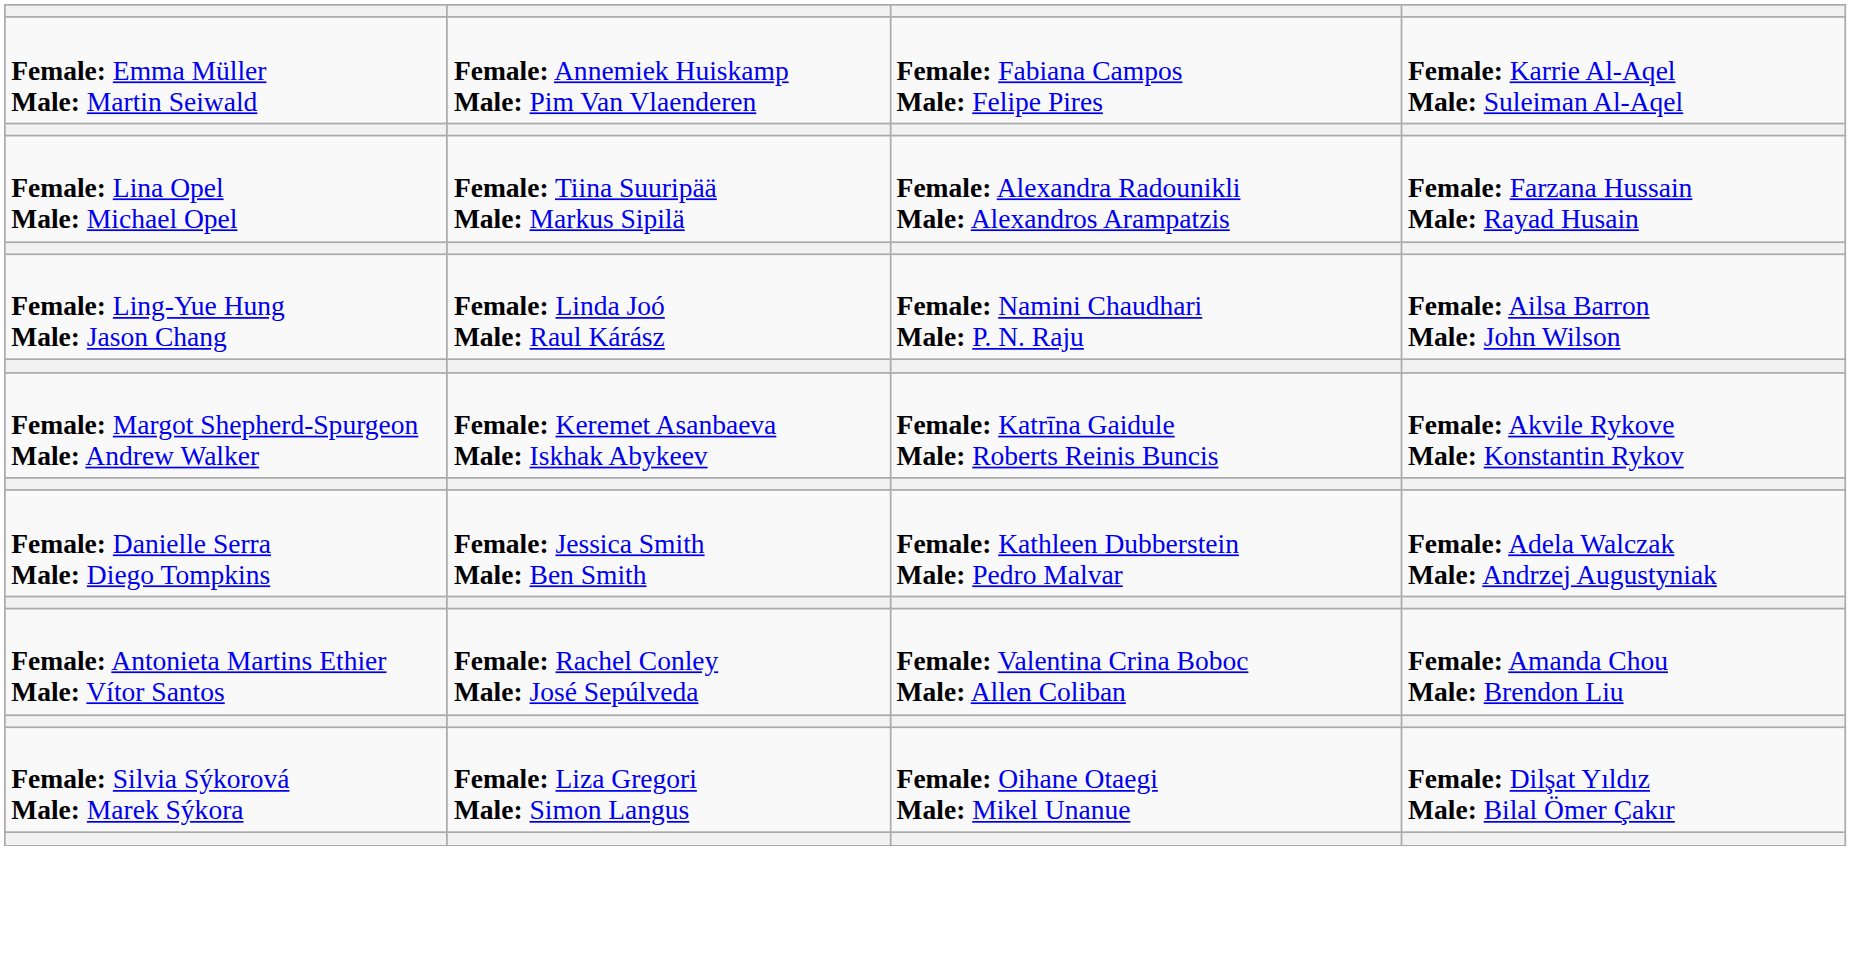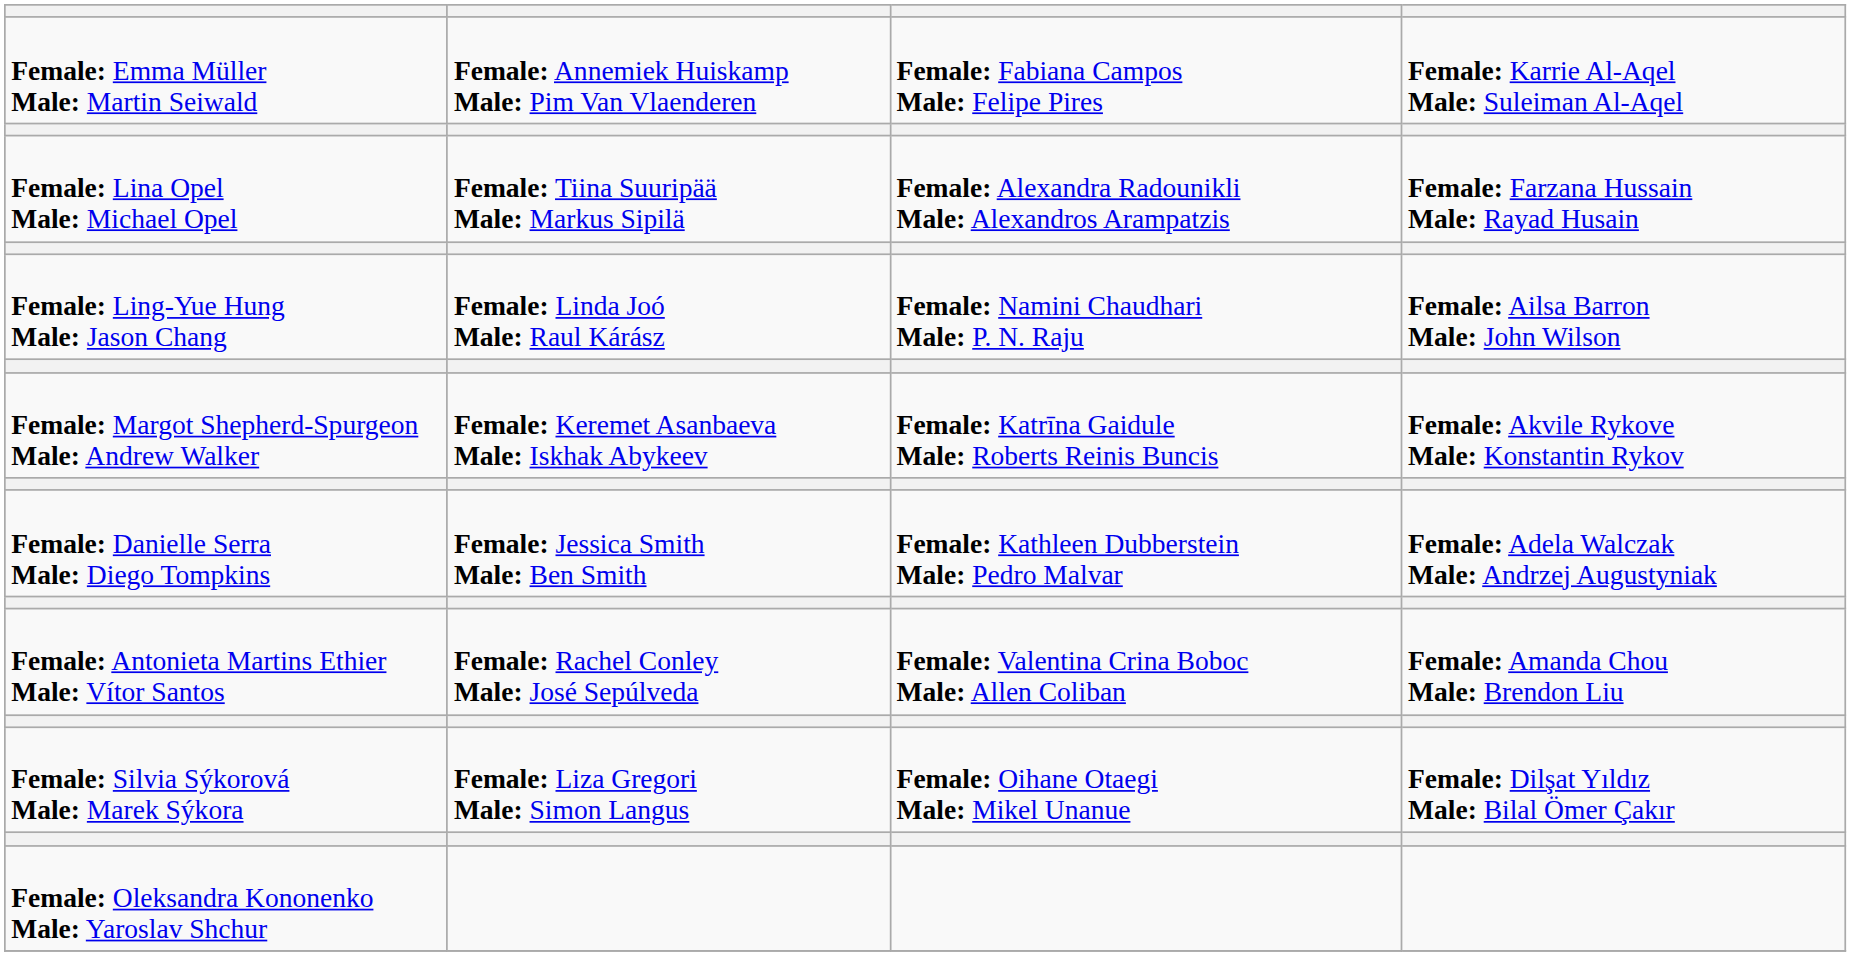 <table class="wikitable">
 <tr>
 <th width=250></th>
 <th width=250></th>
 <th width=290></th>
 <th width=250></th>
 </tr>
 <tr>
 <td><br><strong>Female:</strong> <a href='#'>Emma Müller</a><br> <strong>Male:</strong> <a href='#'>Martin Seiwald</a></td>
 <td><br><strong>Female:</strong> <a href='#'>Annemiek Huiskamp</a><br> <strong>Male:</strong> <a href='#'>Pim Van Vlaenderen</a></td>
 <td><br><strong>Female:</strong> <a href='#'>Fabiana Campos</a><br> <strong>Male:</strong> <a href='#'>Felipe Pires</a></td>
 <td><br><strong>Female:</strong> <a href='#'>Karrie Al-Aqel</a><br> <strong>Male:</strong> <a href='#'>Suleiman Al-Aqel</a></td>
 </tr>
 <tr>
 <th width=250></th>
 <th width=250></th>
 <th width=250></th>
 <th width=250></th>
 </tr>
 <tr>
 <td><br><strong>Female:</strong> <a href='#'>Lina Opel</a><br> <strong>Male:</strong> <a href='#'>Michael Opel</a></td>
 <td><br><strong>Female:</strong> <a href='#'>Tiina Suuripää</a><br> <strong>Male:</strong> <a href='#'>Markus Sipilä</a></td>
 <td><br><strong>Female:</strong> <a href='#'>Alexandra Radounikli</a><br> <strong>Male:</strong> <a href='#'>Alexandros Arampatzis</a></td>
 <td><br><strong>Female:</strong> <a href='#'>Farzana Hussain</a><br> <strong>Male:</strong> <a href='#'>Rayad Husain</a></td>
 </tr>
 <tr>
 <th width=250></th>
 <th width=250></th>
 <th width=250></th>
 <th width=250></th>
 </tr>
 <tr>
 <td><br><strong>Female:</strong> <a href='#'>Ling-Yue Hung</a><br> <strong>Male:</strong> <a href='#'>Jason Chang</a></td>
 <td><br><strong>Female:</strong> <a href='#'>Linda Joó</a><br> <strong>Male:</strong> <a href='#'>Raul Kárász</a></td>
 <td><br><strong>Female:</strong> <a href='#'>Namini Chaudhari</a><br> <strong>Male:</strong> <a href='#'>P. N. Raju</a></td>
 <td><br><strong>Female:</strong> <a href='#'>Ailsa Barron</a><br> <strong>Male:</strong> <a href='#'>John Wilson</a></td>
 </tr>
 <tr>
 <th width=250></th>
 <th width=250></th>
 <th width=250></th>
 <th width=250></th>
 </tr>
 <tr>
 <td><br><strong>Female:</strong> <a href='#'>Margot Shepherd-Spurgeon</a><br> <strong>Male:</strong> <a href='#'>Andrew Walker</a></td>
 <td><br><strong>Female:</strong> <a href='#'>Keremet Asanbaeva</a><br> <strong>Male:</strong> <a href='#'>Iskhak Abykeev</a></td>
 <td><br><strong>Female:</strong> <a href='#'>Katrīna Gaidule</a><br> <strong>Male:</strong> <a href='#'>Roberts Reinis Buncis</a></td>
 <td><br><strong>Female:</strong> <a href='#'>Akvile Rykove</a><br> <strong>Male:</strong> <a href='#'>Konstantin Rykov</a></td>
 </tr>
 <tr>
 <th width=250></th>
 <th width=250></th>
 <th width=250></th>
 <th width=250></th>
 </tr>
 <tr>
 <td><br><strong>Female:</strong> <a href='#'>Danielle Serra</a><br> <strong>Male:</strong> <a href='#'>Diego Tompkins</a></td>
 <td><br><strong>Female:</strong> <a href='#'>Jessica Smith</a><br> <strong>Male:</strong> <a href='#'>Ben Smith</a></td>
 <td><br><strong>Female:</strong> <a href='#'>Kathleen Dubberstein</a><br> <strong>Male:</strong> <a href='#'>Pedro Malvar</a></td>
 <td><br><strong>Female:</strong> <a href='#'>Adela Walczak</a><br> <strong>Male:</strong> <a href='#'>Andrzej Augustyniak</a></td>
 </tr>
 <tr>
 <th width=250></th>
 <th width=250></th>
 <th width=250></th>
 <th width=250></th>
 </tr>
 <tr>
 <td><br><strong>Female:</strong> <a href='#'>Antonieta Martins Ethier</a><br> <strong>Male:</strong> <a href='#'>Vítor Santos</a></td>
 <td><br><strong>Female:</strong> <a href='#'>Rachel Conley</a><br> <strong>Male:</strong> <a href='#'>José Sepúlveda</a></td>
 <td><br><strong>Female:</strong> <a href='#'>Valentina Crina Boboc</a><br> <strong>Male:</strong> <a href='#'>Allen Coliban</a></td>
 <td><br><strong>Female:</strong> <a href='#'>Amanda Chou</a><br> <strong>Male:</strong> <a href='#'>Brendon Liu</a></td>
 </tr>
 <tr>
 <th width=250></th>
 <th width=250></th>
 <th width=250></th>
 <th width=250></th>
 </tr>
 <tr>
 <td><br><strong>Female:</strong> <a href='#'>Silvia Sýkorová</a><br> <strong>Male:</strong> <a href='#'>Marek Sýkora</a></td>
 <td><br><strong>Female:</strong> <a href='#'>Liza Gregori</a><br> <strong>Male:</strong> <a href='#'>Simon Langus</a></td>
 <td><br><strong>Female:</strong> <a href='#'>Oihane Otaegi</a><br> <strong>Male:</strong> <a href='#'>Mikel Unanue</a></td>
 <td><br><strong>Female:</strong> <a href='#'>Dilşat Yıldız</a><br> <strong>Male:</strong> <a href='#'>Bilal Ömer Çakır</a></td>
 </tr>
 <tr>
 <th width=250></th>
 <th width=250></th>
 <th width=250></th>
 <th width=250></th>
 </tr>
 <tr>
+<td><br><strong>Female:</strong> <a href='#'>Oleksandra Kononenko</a><br> <strong>Male:</strong> <a href='#'>Yaroslav Shchur</a></td>
+<td></td>
+<td></td>
+<td></td>
+</tr>
+<tr>
 </tr>
 </table>
